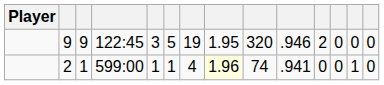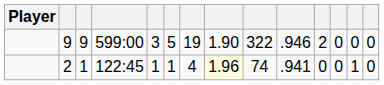 <table class="wikitable sortable" style="text-align:center;">
 <tr>
 <th>Player</th>
 <th></th>
 <th></th>
 <th></th>
 <th></th>
 <th></th>
 <th></th>
 <th></th>
 <th></th>
 <th></th>
 <th></th>
 <th></th>
 <th></th>
 <th></th>
 </tr>
 <tr>
 <td></td>
 <td>9</td>
 <td>9</td>
-<td>122:45</td>
+<td>599:00</td>
 <td>3</td>
 <td>5</td>
 <td>19</td>
-<td>1.95</td>
-<td>320</td>
+<td>1.90</td>
+<td>322</td>
 <td>.946</td>
 <td>2</td>
 <td>0</td>
 <td>0</td>
 <td>0</td>
 </tr>
 <tr>
 <td></td>
 <td>2</td>
 <td>1</td>
-<td>599:00</td>
+<td>122:45</td>
 <td>1</td>
 <td>1</td>
 <td>4</td>
 <td style="background: lightyellow;">1.96</td>
 <td>74</td>
 <td>.941</td>
 <td>0</td>
 <td>0</td>
 <td>1</td>
 <td>0</td>
 </tr>
 </table>
